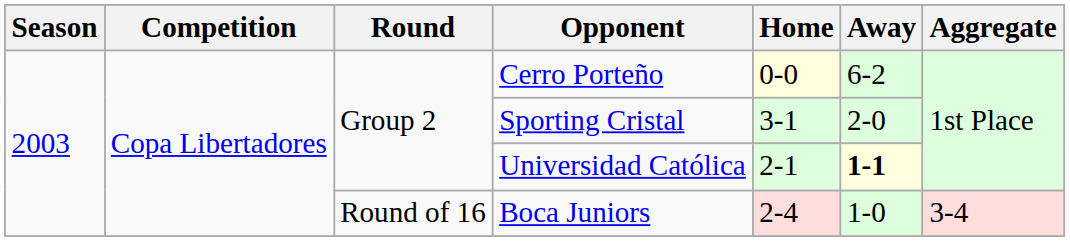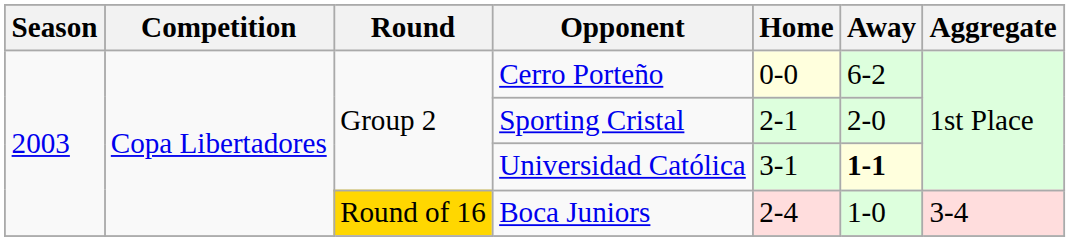 <table class="wikitable">
 <tr>
 <th>Season</th>
 <th>Competition</th>
 <th>Round</th>
 <th>Opponent</th>
 <th>Home</th>
 <th>Away</th>
 <th>Aggregate</th>
 </tr>
 <tr>
 <td rowspan="4"><a href='#'>2003</a></td>
 <td rowspan="4"><a href='#'>Copa Libertadores</a></td>
 <td rowspan="3">Group 2</td>
 <td> <a href='#'>Cerro Porteño</a></td>
 <td style="background:#ffd;">0-0</td>
 <td style="background:#dfd;">6-2</td>
 <td rowspan="3" style="background:#dfd;">1st Place</td>
 </tr>
 <tr>
 <td> <a href='#'>Sporting Cristal</a></td>
-<td style="background:#dfd;">3-1</td>
+<td style="background:#dfd;">2-1</td>
 <td style="background:#dfd;">2-0</td>
 </tr>
 <tr>
 <td> <a href='#'>Universidad Católica</a></td>
-<td style="background:#dfd;">2-1</td>
+<td style="background:#dfd;">3-1</td>
 <td style="background:#ffd;"><strong>1-1</strong></td>
 </tr>
 <tr>
-<td>Round of 16</td>
+<td style="background: gold;">Round of 16</td>
 <td> <a href='#'>Boca Juniors</a></td>
 <td style="background:#fdd;">2-4</td>
 <td style="background:#dfd;">1-0</td>
 <td style="background:#fdd;">3-4</td>
 </tr>
 </table>
